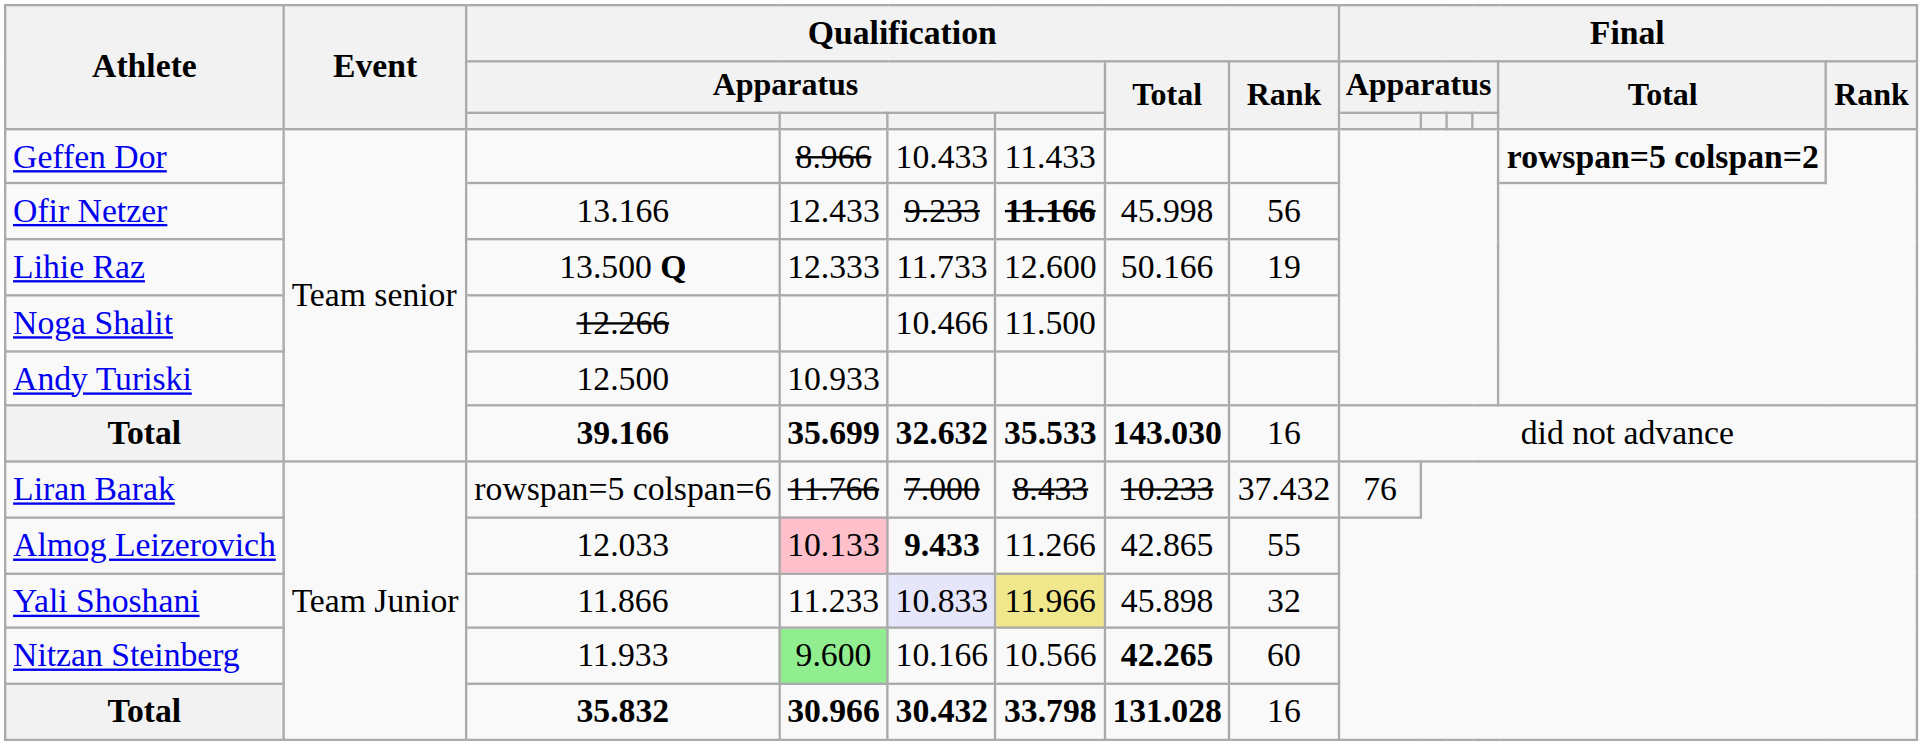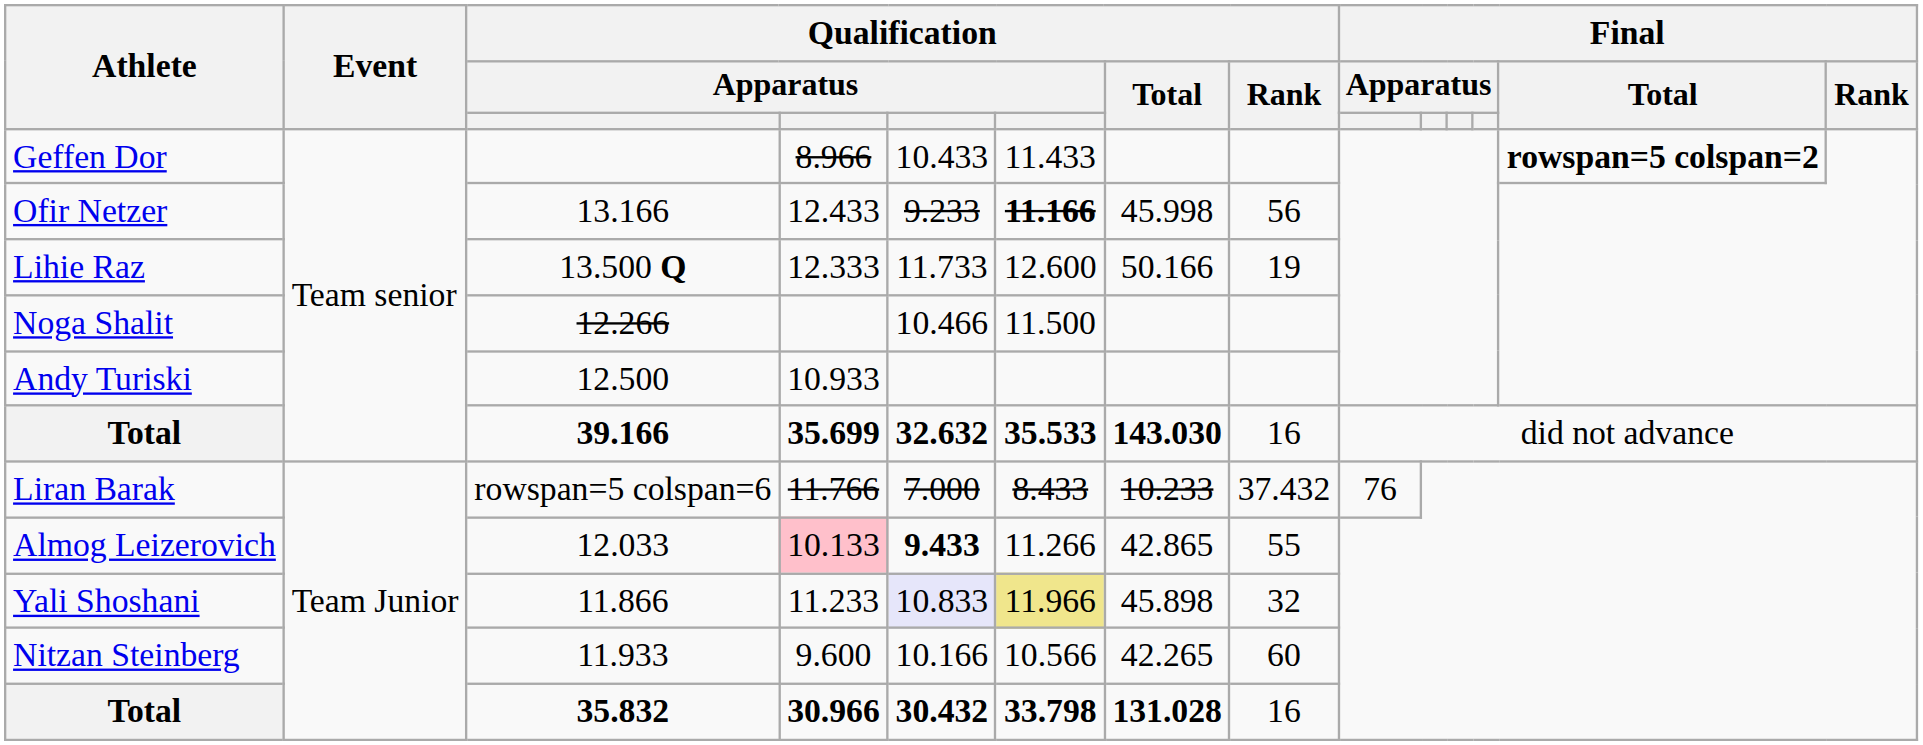 <table class="wikitable" style="font-size:90%; text-align:center;">
 <tr>
 <th rowspan=3>Athlete</th>
 <th rowspan=3>Event</th>
 <th colspan=6>Qualification</th>
 <th colspan=6>Final</th>
 </tr>
 <tr style="font-size:95%">
 <th colspan=4>Apparatus</th>
 <th rowspan=2>Total</th>
 <th rowspan=2>Rank</th>
 <th colspan=4>Apparatus</th>
 <th rowspan=2>Total</th>
 <th rowspan=2>Rank</th>
 </tr>
 <tr style="font-size:95%">
 <th></th>
 <th></th>
 <th></th>
 <th></th>
 <th></th>
 <th></th>
 <th></th>
 <th></th>
 </tr>
 <tr>
 <td align=left><a href='#'>Geffen Dor</a></td>
 <td align=left rowspan=6>Team senior</td>
 <td></td>
 <td><s>8.966</s></td>
 <td>10.433</td>
 <td>11.433</td>
 <td></td>
 <td></td>
 <td colspan="4" rowspan="5"></td>
 <td><strong>rowspan=5 colspan=2 </strong></td>
 </tr>
 <tr>
 <td align=left><a href='#'>Ofir Netzer</a></td>
 <td>13.166</td>
 <td>12.433</td>
 <td><s>9.233</s></td>
 <td><strong><s>11.166</s></strong></td>
 <td>45.998</td>
 <td>56</td>
 </tr>
 <tr>
 <td align=left><a href='#'>Lihie Raz</a></td>
 <td>13.500 <strong>Q</strong></td>
 <td>12.333</td>
 <td>11.733</td>
 <td>12.600</td>
 <td>50.166</td>
 <td>19</td>
 </tr>
 <tr>
 <td align=left><a href='#'>Noga Shalit</a></td>
 <td><s>12.266</s></td>
 <td></td>
 <td>10.466</td>
 <td>11.500</td>
 <td></td>
 <td></td>
 </tr>
 <tr>
 <td align=left><a href='#'>Andy Turiski</a></td>
 <td>12.500</td>
 <td>10.933</td>
 <td></td>
 <td></td>
 <td></td>
 <td></td>
 </tr>
 <tr>
 <th>Total</th>
 <td><strong>39.166</strong></td>
 <td><strong>35.699</strong></td>
 <td><strong>32.632</strong></td>
 <td><strong>35.533</strong></td>
 <td><strong>143.030</strong></td>
 <td>16</td>
 <td colspan="6">did not advance</td>
 </tr>
 <tr>
 <td align=left><a href='#'>Liran Barak</a></td>
 <td align=left rowspan=5>Team Junior</td>
 <td>rowspan=5 colspan=6 </td>
 <td><s>11.766</s></td>
 <td><s>7.000</s></td>
 <td><s>8.433</s></td>
 <td><s>10.233</s></td>
 <td>37.432</td>
 <td>76</td>
 </tr>
 <tr>
 <td align=left><a href='#'>Almog Leizerovich</a></td>
 <td>12.033</td>
 <td style="background: pink;">10.133</td>
 <td><strong>9.433</strong></td>
 <td>11.266</td>
 <td>42.865</td>
 <td>55</td>
 </tr>
 <tr>
 <td align=left><a href='#'>Yali Shoshani</a></td>
 <td>11.866</td>
 <td>11.233</td>
 <td style="background: lavender;">10.833</td>
 <td style="background: khaki;">11.966</td>
 <td>45.898</td>
 <td>32</td>
 </tr>
 <tr>
 <td align=left><a href='#'>Nitzan Steinberg</a></td>
 <td>11.933</td>
-<td style="background: lightgreen;">9.600</td>
+<td>9.600</td>
 <td>10.166</td>
 <td>10.566</td>
-<td><strong>42.265</strong></td>
+<td>42.265</td>
 <td>60</td>
 </tr>
 <tr>
 <th>Total</th>
 <td><strong>35.832</strong></td>
 <td><strong>30.966</strong></td>
 <td><strong>30.432</strong></td>
 <td><strong>33.798</strong></td>
 <td><strong>131.028</strong></td>
 <td>16</td>
 </tr>
 </table>
